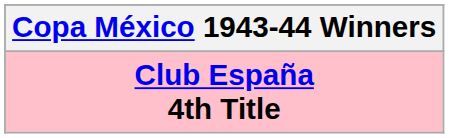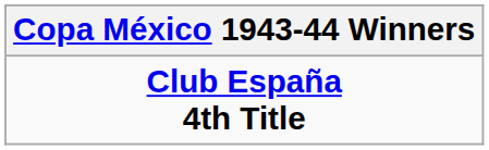 <table class="wikitable" style="text-align: center; margin: 0 auto;">
 <tr>
 <th><a href='#'>Copa México</a> 1943-44 Winners</th>
 </tr>
 <tr>
-<td style="background: pink;"><strong><a href='#'>Club España</a></strong><br><strong>4th Title</strong></td>
+<td><strong><a href='#'>Club España</a></strong><br><strong>4th Title</strong></td>
 </tr>
 </table>
